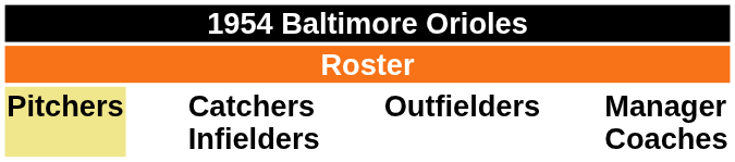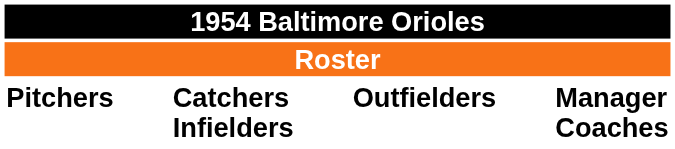 <table class="toccolours" style="font-size: 95%;">
 <tr>
 <th colspan="10" style="background-color: black; color: white; text-align: center;">1954 Baltimore Orioles</th>
 </tr>
 <tr>
 <td colspan="10" style="background-color: #F87217; color: white; text-align: center;"><strong>Roster</strong></td>
 </tr>
 <tr>
-<td valign="top" style="background: khaki;"><strong>Pitchers</strong><br>               </td>
+<td valign="top"><strong>Pitchers</strong><br>               </td>
 <td width="25px"></td>
 <td valign="top"><strong>Catchers</strong><br>   <strong>Infielders</strong>          </td>
 <td width="25px"></td>
 <td valign="top"><strong>Outfielders</strong><br>        </td>
 <td width="25px"></td>
 <td valign="top"><strong>Manager</strong><br> <strong>Coaches</strong>   </td>
 </tr>
 <tr>
 </tr>
 </table>
